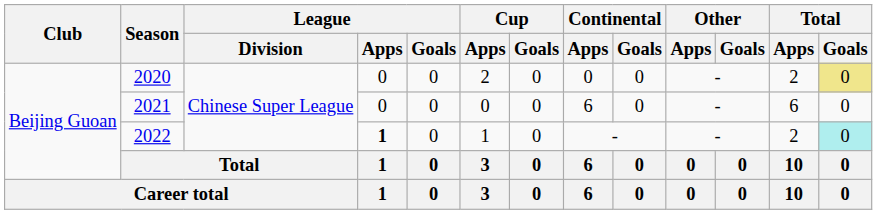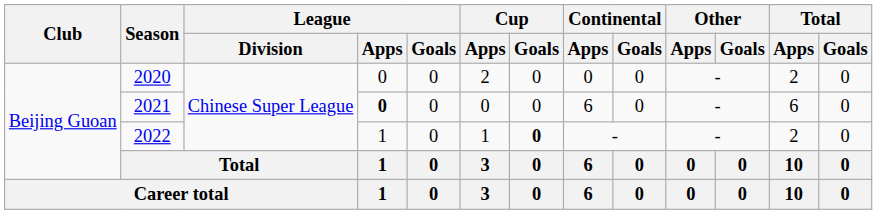 <table class="wikitable" style="text-align: center">
 <tr>
 <th rowspan="2">Club</th>
 <th rowspan="2">Season</th>
 <th colspan="3">League</th>
 <th colspan="2">Cup</th>
 <th colspan="2">Continental</th>
 <th colspan="2">Other</th>
 <th colspan="2">Total</th>
 </tr>
 <tr>
 <th>Division</th>
 <th>Apps</th>
 <th>Goals</th>
 <th>Apps</th>
 <th>Goals</th>
 <th>Apps</th>
 <th>Goals</th>
 <th>Apps</th>
 <th>Goals</th>
 <th>Apps</th>
 <th>Goals</th>
 </tr>
 <tr>
 <td rowspan="4"><a href='#'>Beijing Guoan</a></td>
 <td><a href='#'>2020</a></td>
 <td rowspan="3"><a href='#'>Chinese Super League</a></td>
 <td>0</td>
 <td>0</td>
 <td>2</td>
 <td>0</td>
 <td>0</td>
 <td>0</td>
 <td colspan="2">-</td>
 <td>2</td>
-<td style="background: khaki;">0</td>
+<td>0</td>
 </tr>
 <tr>
 <td><a href='#'>2021</a></td>
-<td>0</td>
+<td><strong>0</strong></td>
 <td>0</td>
 <td>0</td>
 <td>0</td>
 <td>6</td>
 <td>0</td>
 <td colspan="2">-</td>
 <td>6</td>
 <td>0</td>
 </tr>
 <tr>
 <td><a href='#'>2022</a></td>
-<td><strong>1</strong></td>
+<td>1</td>
 <td>0</td>
 <td>1</td>
-<td>0</td>
+<td><strong>0</strong></td>
 <td colspan="2">-</td>
 <td colspan="2">-</td>
 <td>2</td>
-<td style="background: paleturquoise;">0</td>
+<td>0</td>
 </tr>
 <tr>
 <th colspan=2>Total</th>
 <th>1</th>
 <th>0</th>
 <th>3</th>
 <th>0</th>
 <th>6</th>
 <th>0</th>
 <th>0</th>
 <th>0</th>
 <th>10</th>
 <th>0</th>
 </tr>
 <tr>
 <th colspan=3>Career total</th>
 <th>1</th>
 <th>0</th>
 <th>3</th>
 <th>0</th>
 <th>6</th>
 <th>0</th>
 <th>0</th>
 <th>0</th>
 <th>10</th>
 <th>0</th>
 </tr>
 </table>
